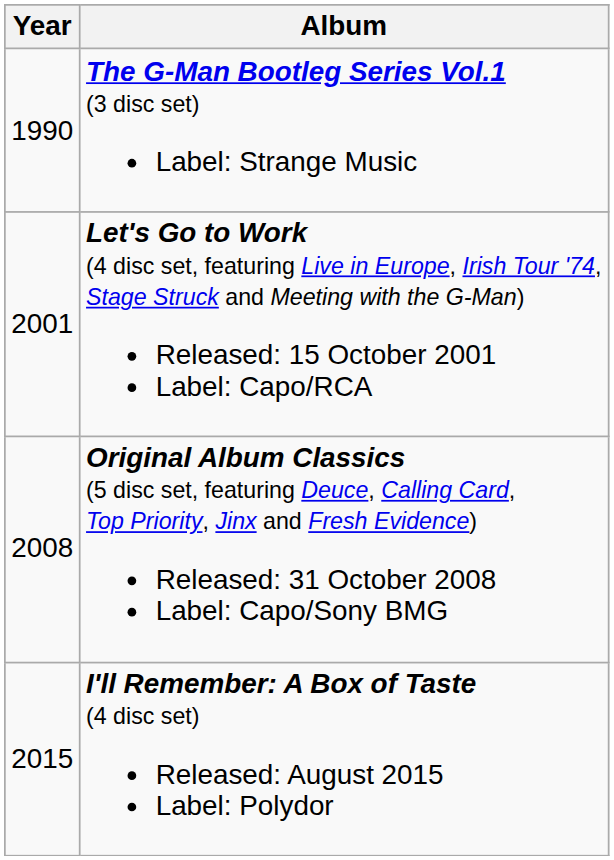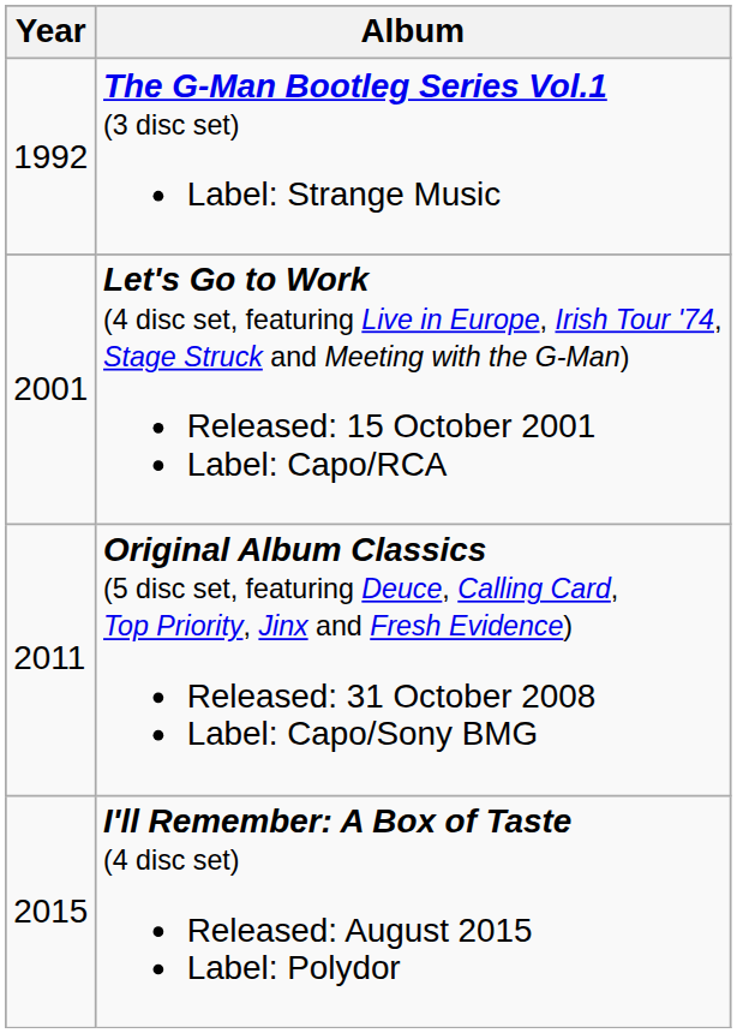 <table class="wikitable">
 <tr>
 <th>Year</th>
 <th>Album</th>
 </tr>
 <tr>
-<td>1990</td>
+<td>1992</td>
 <td><strong><em><a href='#'>The G-Man Bootleg Series Vol.1</a></em></strong> <br> <small>(3 disc set)</small><br><ul><li>Label: Strange Music</li></ul></td>
 </tr>
 <tr>
 <td>2001</td>
 <td><strong><em>Let's Go to Work</em></strong> <br> <small>(4 disc set, featuring <em><a href='#'>Live in Europe</a></em>, <em><a href='#'>Irish Tour '74</a></em>, <br><em><a href='#'>Stage Struck</a></em> and <em>Meeting with the G-Man</em>)</small><br><ul><li>Released: 15 October 2001</li><li>Label: Capo/RCA</li></ul></td>
 </tr>
 <tr>
-<td>2008</td>
+<td>2011</td>
 <td><strong><em>Original Album Classics</em></strong> <br> <small>(5 disc set, featuring <em><a href='#'>Deuce</a></em>, <em><a href='#'>Calling Card</a></em>, <br><em><a href='#'>Top Priority</a></em>, <em><a href='#'>Jinx</a></em> and <em><a href='#'>Fresh Evidence</a></em>)</small><br><ul><li>Released: 31 October 2008</li><li>Label: Capo/Sony BMG</li></ul></td>
 </tr>
 <tr>
 <td>2015</td>
 <td><strong><em>I'll Remember: A Box of Taste</em></strong> <br> <small>(4 disc set)</small><br><ul><li>Released: August 2015</li><li>Label: Polydor</li></ul></td>
 </tr>
 </table>
